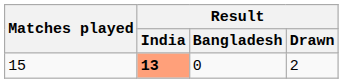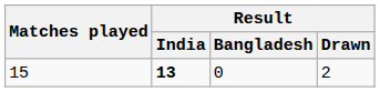 <table class="wikitable">
 <tr>
 <th rowspan=2>Matches played</th>
 <th colspan=3>Result</th>
 </tr>
 <tr>
 <th>India</th>
 <th>Bangladesh</th>
 <th>Drawn</th>
 </tr>
 <tr>
 <td>15</td>
-<td style="background: lightsalmon;"><strong>13</strong></td>
+<td><strong>13</strong></td>
 <td>0</td>
 <td>2</td>
 </tr>
 </table>
